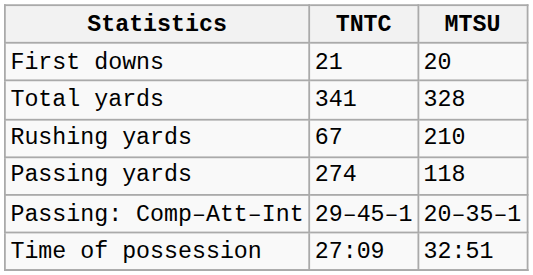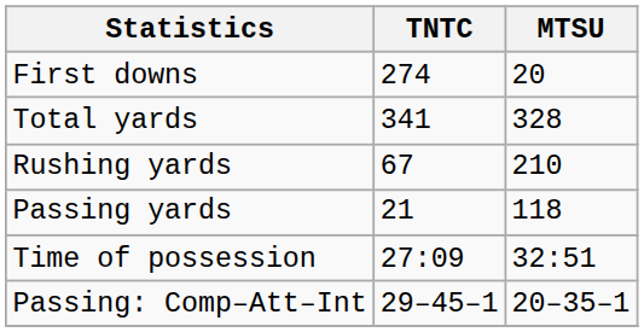 <table class="wikitable" style="float: left;">
 <tr>
 <th>Statistics</th>
 <th>TNTC</th>
 <th>MTSU</th>
 </tr>
 <tr>
 <td>First downs</td>
-<td>21</td>
+<td>274</td>
 <td>20</td>
 </tr>
 <tr>
 <td>Total yards</td>
 <td>341</td>
 <td>328</td>
 </tr>
 <tr>
 <td>Rushing yards</td>
 <td>67</td>
 <td>210</td>
 </tr>
 <tr>
 <td>Passing yards</td>
-<td>274</td>
+<td>21</td>
 <td>118</td>
+</tr>
+<tr>
+<td>Time of possession</td>
+<td>27:09</td>
+<td>32:51</td>
 </tr>
 <tr>
 <td>Passing: Comp–Att–Int</td>
 <td>29–45–1</td>
 <td>20–35–1</td>
 </tr>
 <tr>
-<td>Time of possession</td>
-<td>27:09</td>
-<td>32:51</td>
-</tr>
-<tr>
 </tr>
 </table>
